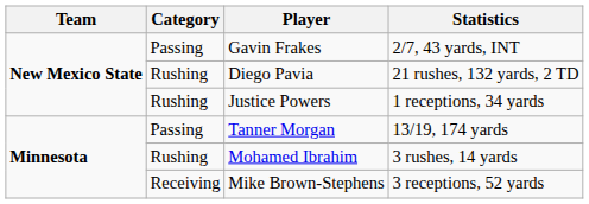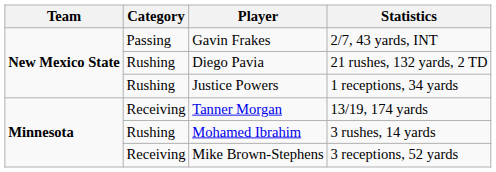 <table class="wikitable" style="float: right;">
 <tr>
 <th>Team</th>
 <th>Category</th>
 <th>Player</th>
 <th>Statistics</th>
 </tr>
 <tr>
 <td rowspan=3><strong>New Mexico State</strong></td>
 <td>Passing</td>
 <td>Gavin Frakes</td>
 <td>2/7, 43 yards, INT</td>
 </tr>
 <tr>
 <td>Rushing</td>
 <td>Diego Pavia</td>
 <td>21 rushes, 132 yards, 2 TD</td>
 </tr>
 <tr>
 <td>Rushing</td>
 <td>Justice Powers</td>
 <td>1 receptions, 34 yards</td>
 </tr>
 <tr>
 <td rowspan=3><strong>Minnesota</strong></td>
-<td>Passing</td>
+<td>Receiving</td>
 <td><a href='#'>Tanner Morgan</a></td>
 <td>13/19, 174 yards</td>
 </tr>
 <tr>
 <td>Rushing</td>
 <td><a href='#'>Mohamed Ibrahim</a></td>
 <td>3 rushes, 14 yards</td>
 </tr>
 <tr>
 <td>Receiving</td>
 <td>Mike Brown-Stephens</td>
 <td>3 receptions, 52 yards</td>
 </tr>
 </table>
